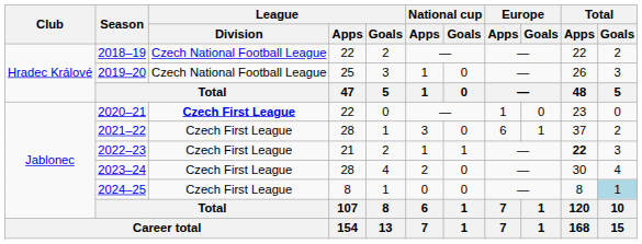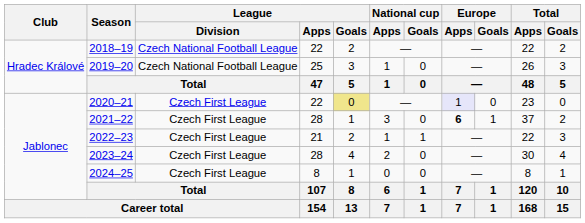 <table class="wikitable" style="text-align: center;">
 <tr>
 <th rowspan="2">Club</th>
 <th rowspan="2">Season</th>
 <th colspan="3">League</th>
 <th colspan="2">National cup</th>
 <th colspan="2">Europe</th>
 <th colspan="2">Total</th>
 </tr>
 <tr>
 <th>Division</th>
 <th>Apps</th>
 <th>Goals</th>
 <th>Apps</th>
 <th>Goals</th>
 <th>Apps</th>
 <th>Goals</th>
 <th>Apps</th>
 <th>Goals</th>
 </tr>
 <tr>
 <td rowspan="3"><a href='#'>Hradec Králové</a></td>
 <td><a href='#'>2018–19</a></td>
 <td><a href='#'>Czech National Football League</a></td>
 <td>22</td>
 <td>2</td>
 <td colspan="2">—</td>
 <td colspan="2">—</td>
 <td>22</td>
 <td>2</td>
 </tr>
 <tr>
 <td><a href='#'>2019–20</a></td>
 <td>Czech National Football League</td>
 <td>25</td>
 <td>3</td>
 <td>1</td>
 <td>0</td>
 <td colspan="2">—</td>
 <td>26</td>
 <td>3</td>
 </tr>
 <tr>
 <th colspan="2">Total</th>
 <th>47</th>
 <th>5</th>
 <th>1</th>
 <th>0</th>
 <th colspan="2">—</th>
 <th>48</th>
 <th>5</th>
 </tr>
 <tr>
 <td rowspan="6"><a href='#'>Jablonec</a></td>
 <td><a href='#'>2020–21</a></td>
-<td><strong><a href='#'>Czech First League</a></strong></td>
+<td><a href='#'>Czech First League</a></td>
 <td>22</td>
-<td>0</td>
+<td style="background: khaki;">0</td>
 <td colspan="2">—</td>
-<td>1</td>
+<td style="background: lavender;">1</td>
 <td>0</td>
 <td>23</td>
 <td>0</td>
 </tr>
 <tr>
 <td><a href='#'>2021–22</a></td>
 <td>Czech First League</td>
 <td>28</td>
 <td>1</td>
 <td>3</td>
 <td>0</td>
-<td>6</td>
+<td><strong>6</strong></td>
 <td>1</td>
 <td>37</td>
 <td>2</td>
 </tr>
 <tr>
 <td><a href='#'>2022–23</a></td>
 <td>Czech First League</td>
 <td>21</td>
 <td>2</td>
 <td>1</td>
 <td>1</td>
 <td colspan="2">—</td>
-<td><strong>22</strong></td>
+<td>22</td>
 <td>3</td>
 </tr>
 <tr>
 <td><a href='#'>2023–24</a></td>
 <td>Czech First League</td>
 <td>28</td>
 <td>4</td>
 <td>2</td>
 <td>0</td>
 <td colspan="2">—</td>
 <td>30</td>
 <td>4</td>
 </tr>
 <tr>
 <td><a href='#'>2024–25</a></td>
 <td>Czech First League</td>
 <td>8</td>
 <td>1</td>
 <td>0</td>
 <td>0</td>
 <td colspan="2">—</td>
 <td>8</td>
-<td style="background: lightblue;">1</td>
+<td>1</td>
 </tr>
 <tr>
 <th colspan="2">Total</th>
 <th>107</th>
 <th>8</th>
 <th>6</th>
 <th>1</th>
 <th>7</th>
 <th>1</th>
 <th>120</th>
 <th>10</th>
 </tr>
 <tr>
 <th colspan="3">Career total</th>
 <th>154</th>
 <th>13</th>
 <th>7</th>
 <th>1</th>
 <th>7</th>
 <th>1</th>
 <th>168</th>
 <th>15</th>
 </tr>
 </table>
